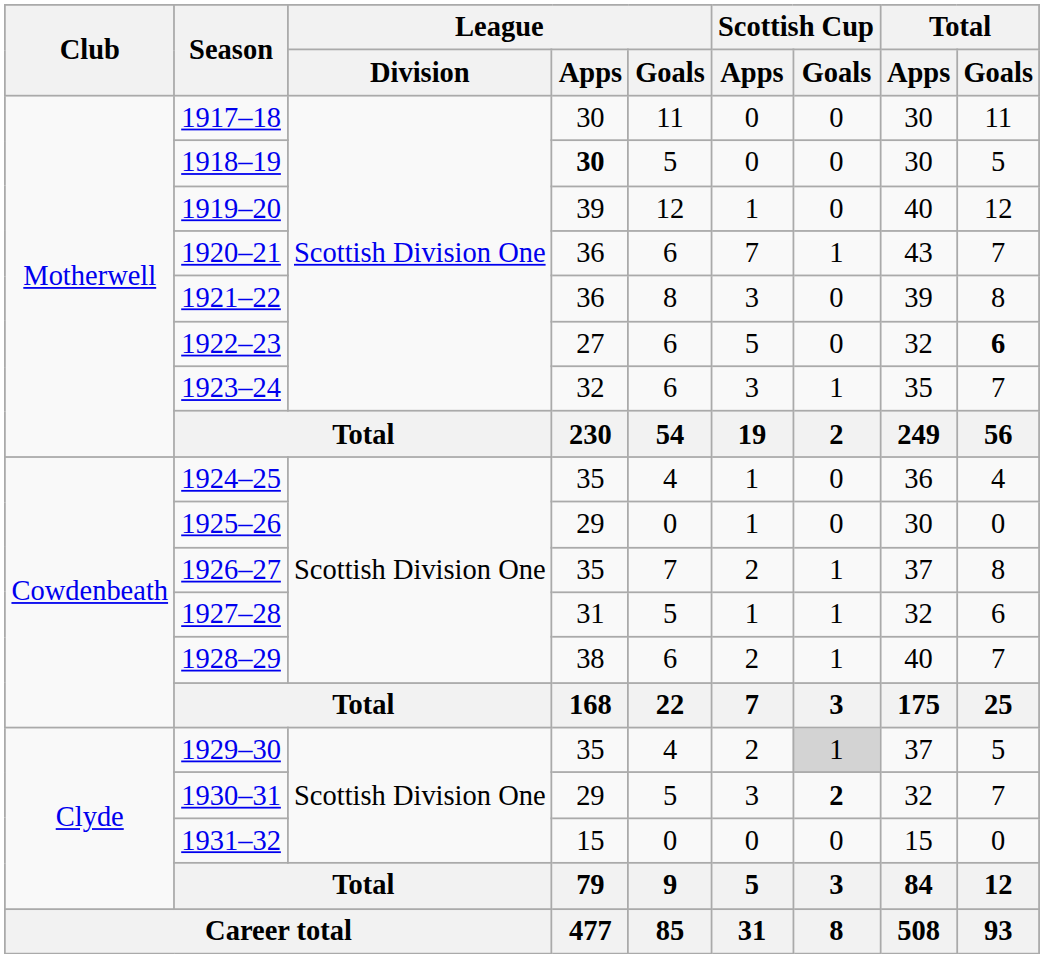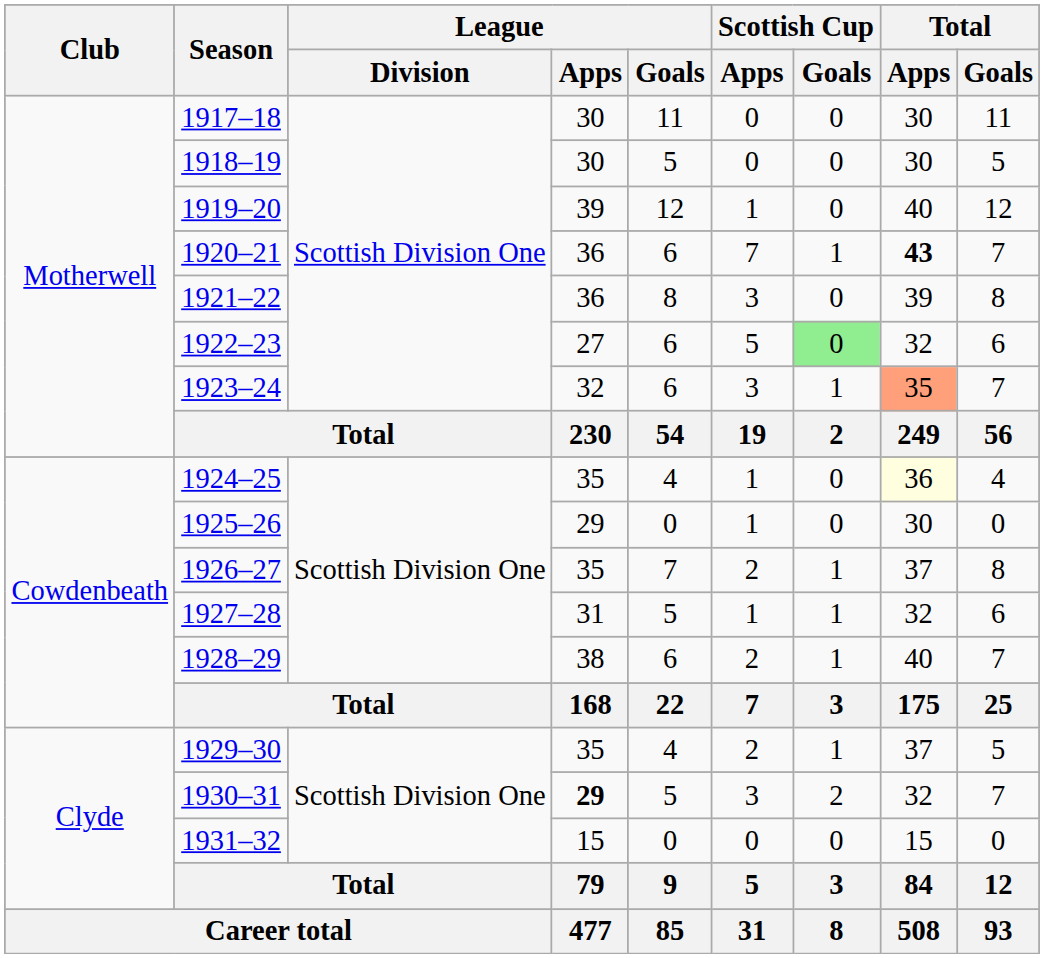 <table class="wikitable" style="text-align: center;">
 <tr>
 <th rowspan="2">Club</th>
 <th rowspan="2">Season</th>
 <th colspan="3">League</th>
 <th colspan="2">Scottish Cup</th>
 <th colspan="2">Total</th>
 </tr>
 <tr>
 <th>Division</th>
 <th>Apps</th>
 <th>Goals</th>
 <th>Apps</th>
 <th>Goals</th>
 <th>Apps</th>
 <th>Goals</th>
 </tr>
 <tr>
 <td rowspan="8"><a href='#'>Motherwell</a></td>
 <td><a href='#'>1917–18</a></td>
 <td rowspan="7"><a href='#'>Scottish Division One</a></td>
 <td>30</td>
 <td>11</td>
 <td>0</td>
 <td>0</td>
 <td>30</td>
 <td>11</td>
 </tr>
 <tr>
 <td><a href='#'>1918–19</a></td>
-<td><strong>30</strong></td>
+<td>30</td>
 <td>5</td>
 <td>0</td>
 <td>0</td>
 <td>30</td>
 <td>5</td>
 </tr>
 <tr>
 <td><a href='#'>1919–20</a></td>
 <td>39</td>
 <td>12</td>
 <td>1</td>
 <td>0</td>
 <td>40</td>
 <td>12</td>
 </tr>
 <tr>
 <td><a href='#'>1920–21</a></td>
 <td>36</td>
 <td>6</td>
 <td>7</td>
 <td>1</td>
-<td>43</td>
+<td><strong>43</strong></td>
 <td>7</td>
 </tr>
 <tr>
 <td><a href='#'>1921–22</a></td>
 <td>36</td>
 <td>8</td>
 <td>3</td>
 <td>0</td>
 <td>39</td>
 <td>8</td>
 </tr>
 <tr>
 <td><a href='#'>1922–23</a></td>
 <td>27</td>
 <td>6</td>
 <td>5</td>
-<td>0</td>
+<td style="background: lightgreen;">0</td>
 <td>32</td>
-<td><strong>6</strong></td>
+<td>6</td>
 </tr>
 <tr>
 <td><a href='#'>1923–24</a></td>
 <td>32</td>
 <td>6</td>
 <td>3</td>
 <td>1</td>
-<td>35</td>
+<td style="background: lightsalmon;">35</td>
 <td>7</td>
 </tr>
 <tr>
 <th colspan="2">Total</th>
 <th>230</th>
 <th>54</th>
 <th>19</th>
 <th>2</th>
 <th>249</th>
 <th>56</th>
 </tr>
 <tr>
 <td rowspan="6"><a href='#'>Cowdenbeath</a></td>
 <td><a href='#'>1924–25</a></td>
 <td rowspan="5">Scottish Division One</td>
 <td>35</td>
 <td>4</td>
 <td>1</td>
 <td>0</td>
-<td>36</td>
+<td style="background: lightyellow;">36</td>
 <td>4</td>
 </tr>
 <tr>
 <td><a href='#'>1925–26</a></td>
 <td>29</td>
 <td>0</td>
 <td>1</td>
 <td>0</td>
 <td>30</td>
 <td>0</td>
 </tr>
 <tr>
 <td><a href='#'>1926–27</a></td>
 <td>35</td>
 <td>7</td>
 <td>2</td>
 <td>1</td>
 <td>37</td>
 <td>8</td>
 </tr>
 <tr>
 <td><a href='#'>1927–28</a></td>
 <td>31</td>
 <td>5</td>
 <td>1</td>
 <td>1</td>
 <td>32</td>
 <td>6</td>
 </tr>
 <tr>
 <td><a href='#'>1928–29</a></td>
 <td>38</td>
 <td>6</td>
 <td>2</td>
 <td>1</td>
 <td>40</td>
 <td>7</td>
 </tr>
 <tr>
 <th colspan="2">Total</th>
 <th>168</th>
 <th>22</th>
 <th>7</th>
 <th>3</th>
 <th>175</th>
 <th>25</th>
 </tr>
 <tr>
 <td rowspan="4"><a href='#'>Clyde</a></td>
 <td><a href='#'>1929–30</a></td>
 <td rowspan="3">Scottish Division One</td>
 <td>35</td>
 <td>4</td>
 <td>2</td>
-<td style="background: lightgrey;">1</td>
+<td>1</td>
 <td>37</td>
 <td>5</td>
 </tr>
 <tr>
 <td><a href='#'>1930–31</a></td>
-<td>29</td>
+<td><strong>29</strong></td>
 <td>5</td>
 <td>3</td>
-<td><strong>2</strong></td>
+<td>2</td>
 <td>32</td>
 <td>7</td>
 </tr>
 <tr>
 <td><a href='#'>1931–32</a></td>
 <td>15</td>
 <td>0</td>
 <td>0</td>
 <td>0</td>
 <td>15</td>
 <td>0</td>
 </tr>
 <tr>
 <th colspan="2">Total</th>
 <th>79</th>
 <th>9</th>
 <th>5</th>
 <th>3</th>
 <th>84</th>
 <th>12</th>
 </tr>
 <tr>
 <th colspan="3">Career total</th>
 <th>477</th>
 <th>85</th>
 <th>31</th>
 <th>8</th>
 <th>508</th>
 <th>93</th>
 </tr>
 </table>
